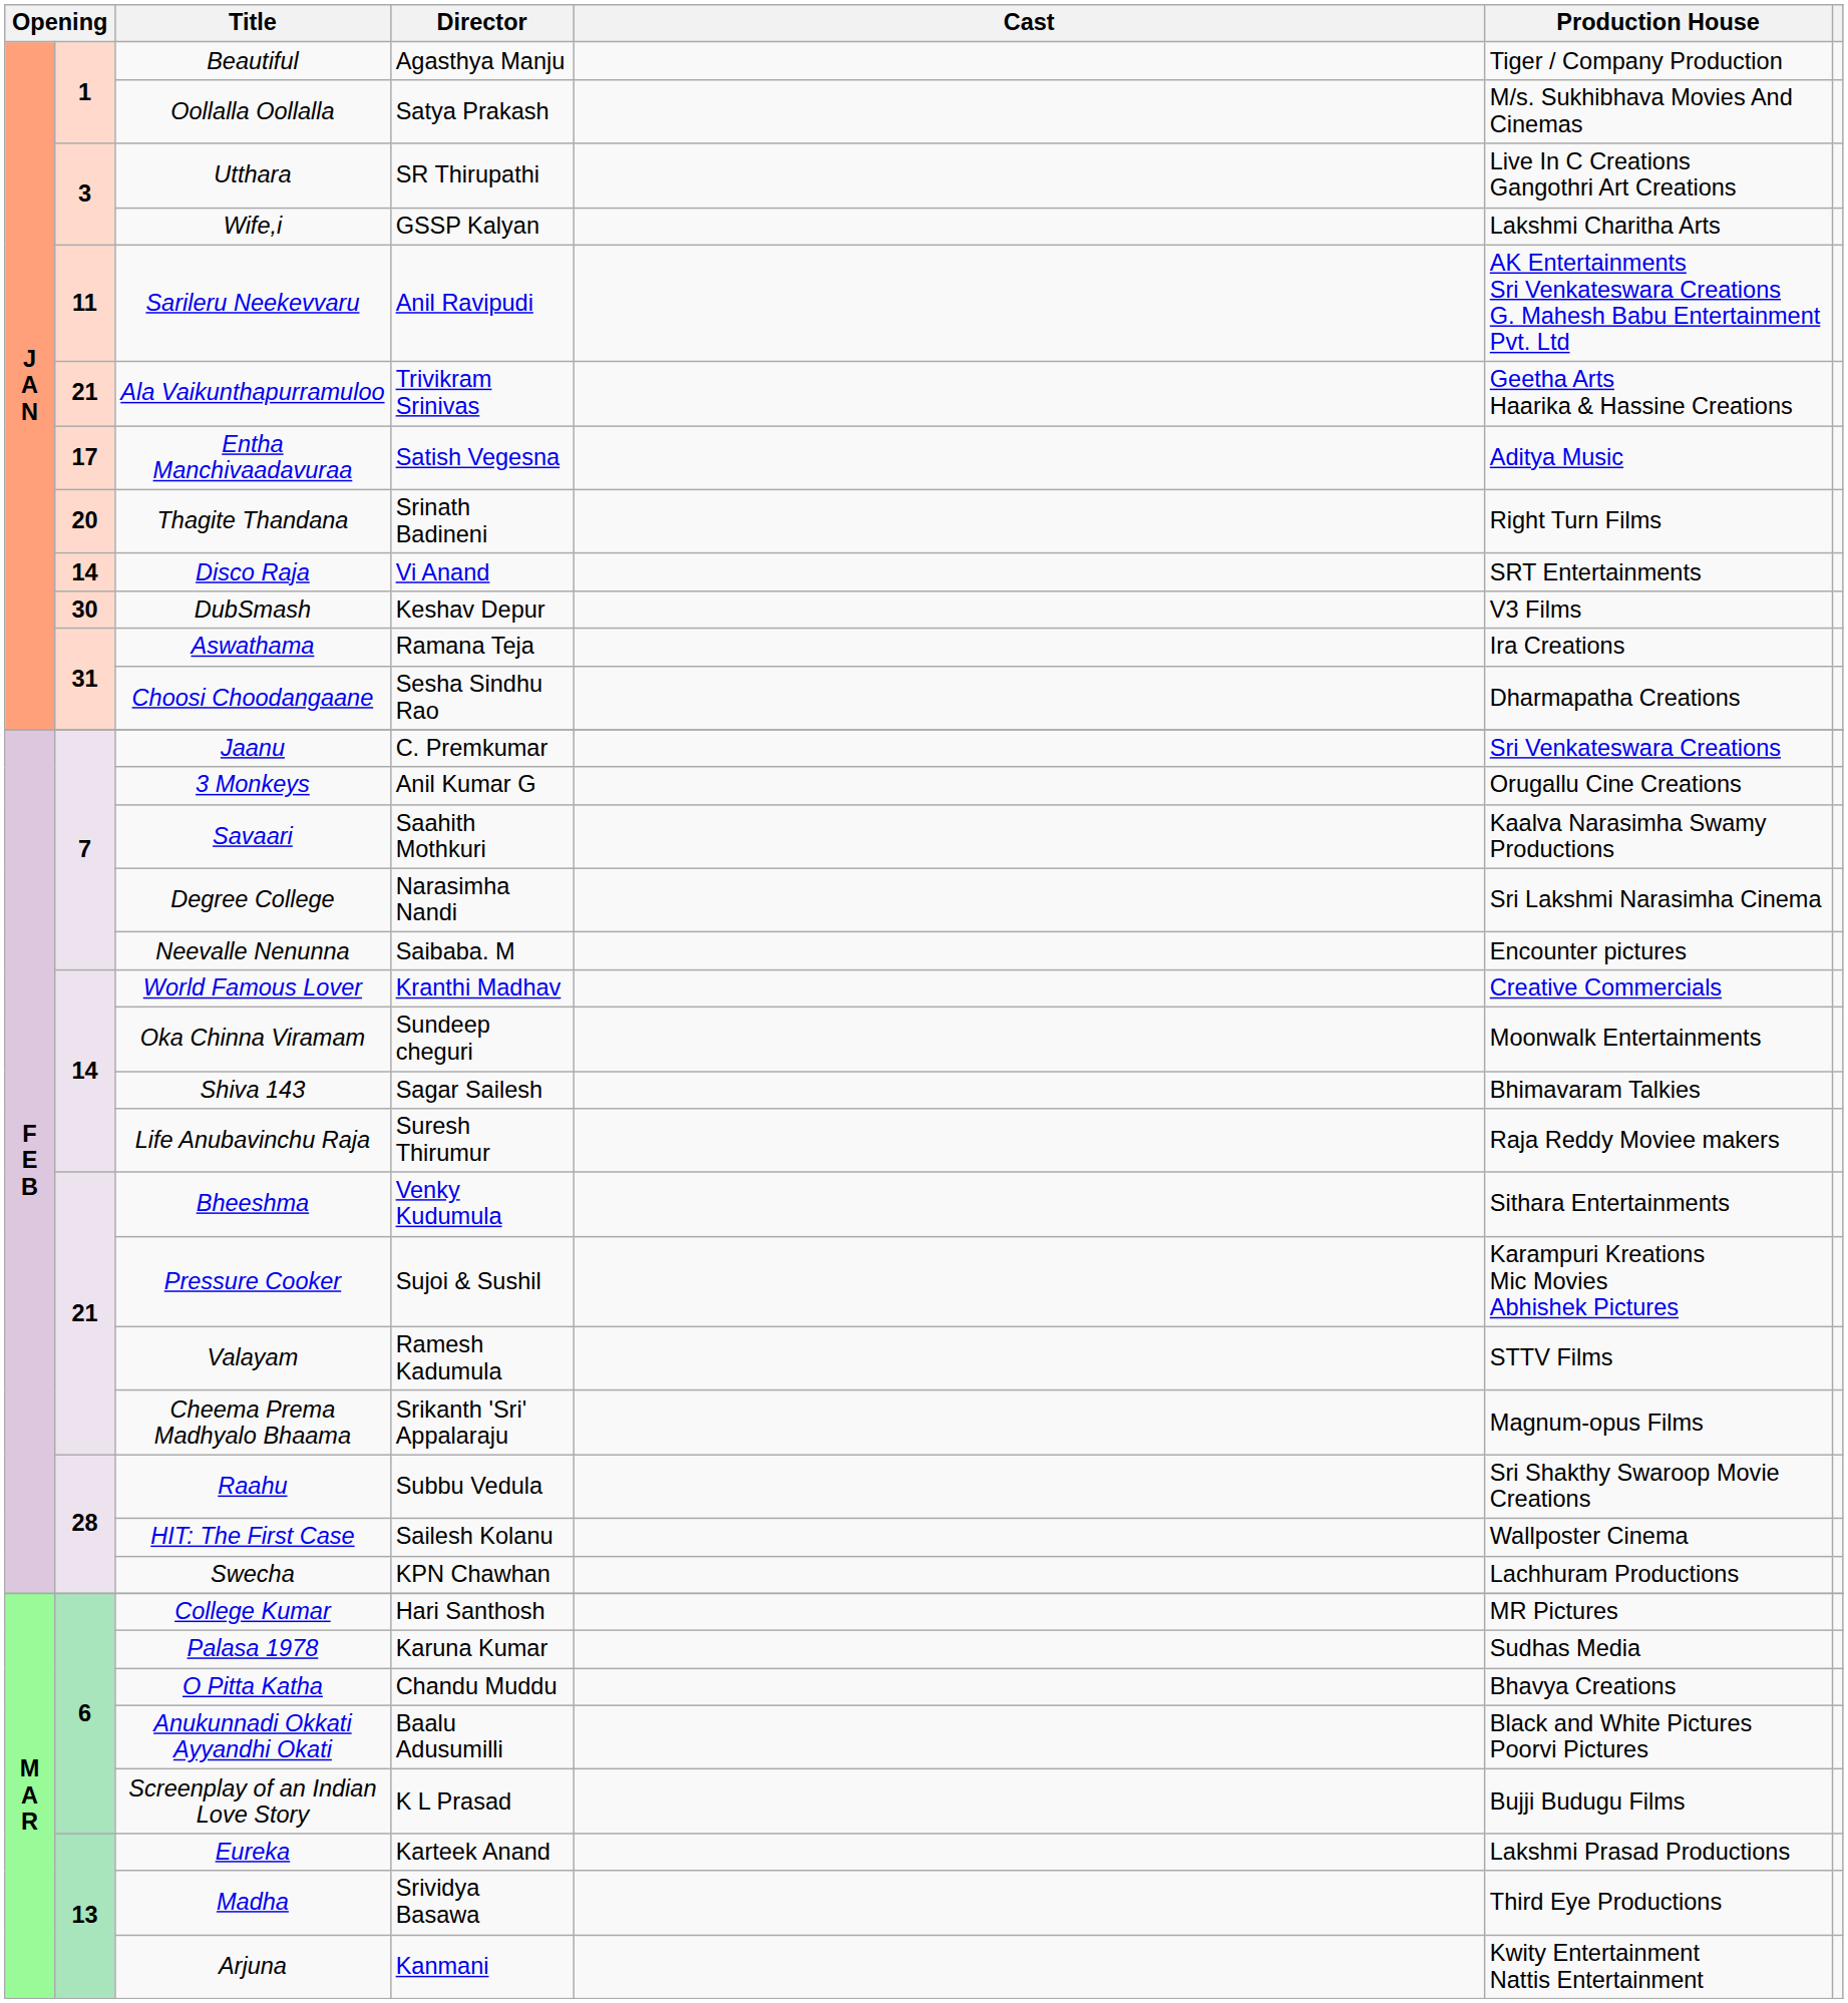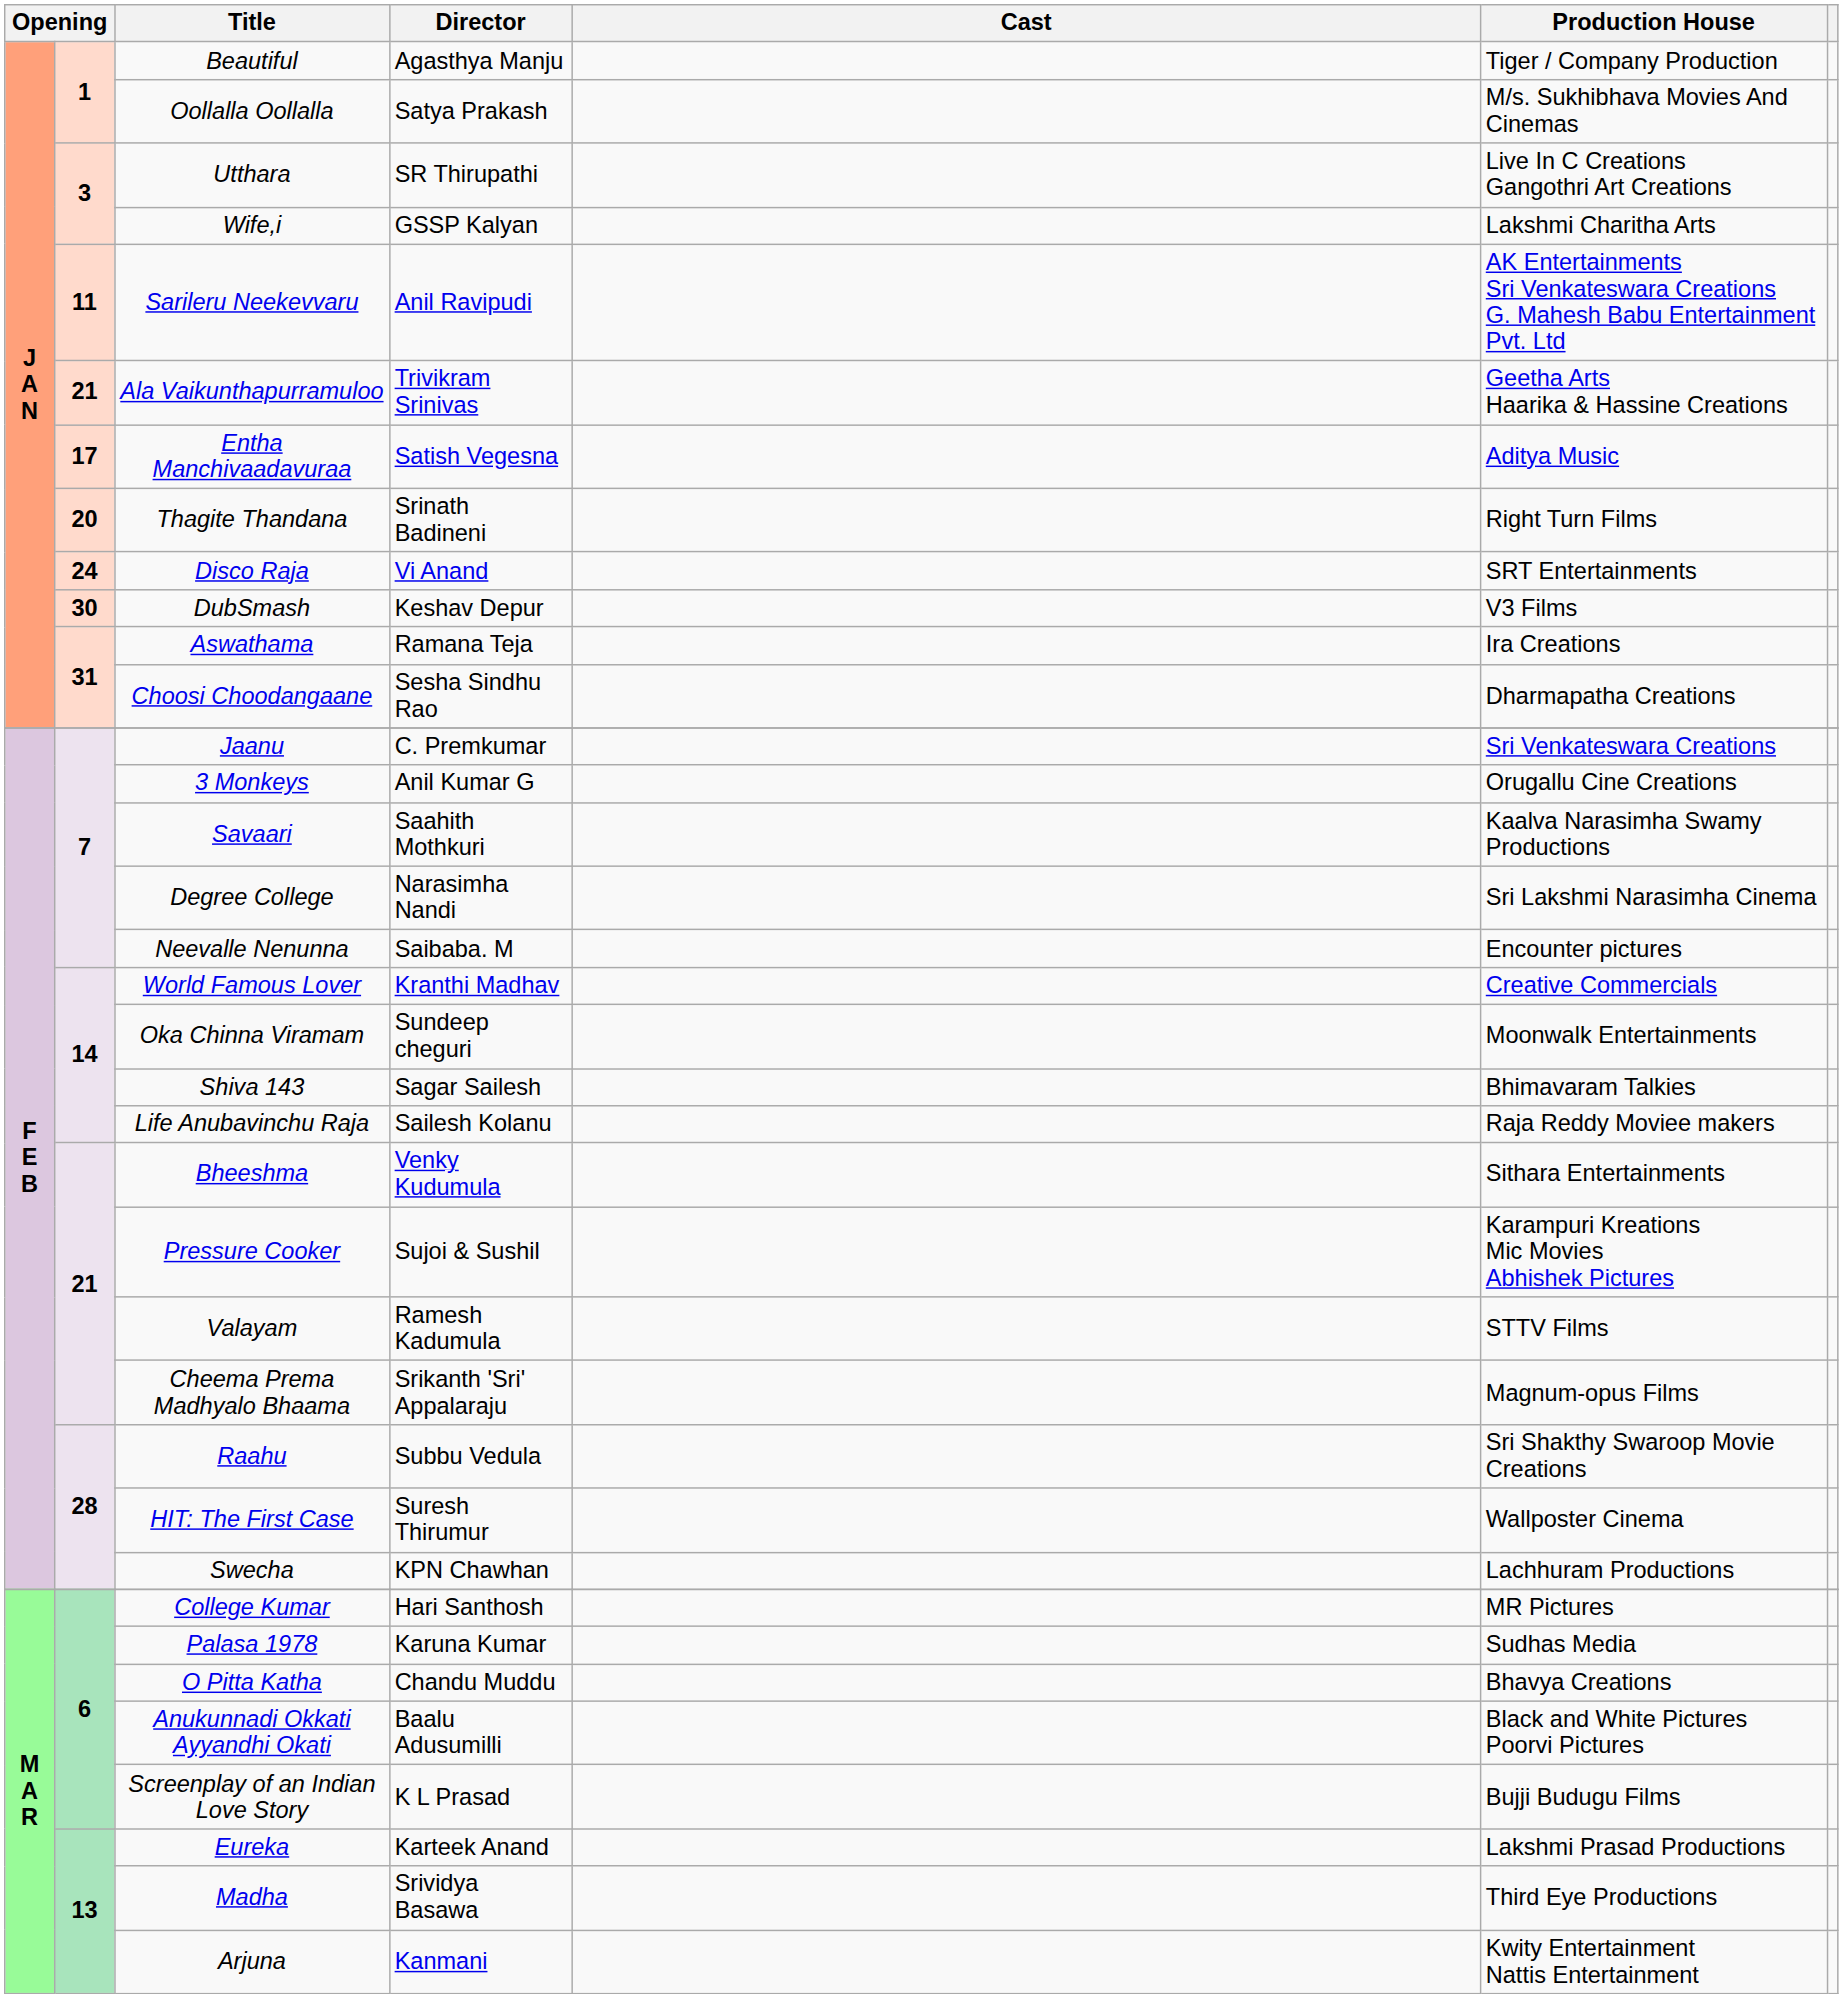 <table class="wikitable sortable">
 <tr style="background:#blue; text-align:center;">
 <th colspan="2" style="width:6%;"><strong>Opening</strong></th>
 <th style="width:15%;"><strong>Title</strong></th>
 <th style="width:10%;"><strong>Director</strong></th>
 <th style="width:50%;"><strong>Cast</strong></th>
 <th style="width:25%;"><strong>Production House</strong></th>
 <th style="width:1%;"></th>
 </tr>
 <tr January!>
 <td rowspan="12" style="text-align:center;background:#ffa07a;textcolor:#000;"><strong>J<br>A<br>N</strong></td>
 <td rowspan="2" style="text-align:center;background:#ffdacc;"><strong>1</strong></td>
 <td style="text-align:center;"><em>Beautiful</em></td>
 <td>Agasthya Manju</td>
 <td></td>
 <td>Tiger / Company Production</td>
 <td></td>
 </tr>
 <tr>
 <td style="text-align:center;"><em>Oollalla Oollalla</em></td>
 <td>Satya Prakash</td>
 <td></td>
 <td>M/s. Sukhibhava Movies And Cinemas</td>
 <td></td>
 </tr>
 <tr>
 <td rowspan="2" style="text-align:center;background:#ffdacc;"><strong>3</strong></td>
 <td style="text-align:center;"><em>Utthara</em></td>
 <td>SR Thirupathi</td>
 <td></td>
 <td>Live In C Creations<br>Gangothri Art Creations</td>
 <td></td>
 </tr>
 <tr>
 <td style="text-align:center;"><em>Wife,i</em></td>
 <td>GSSP Kalyan</td>
 <td></td>
 <td>Lakshmi Charitha Arts</td>
 <td></td>
 </tr>
 <tr>
 <td style="text-align:center;background:#ffdacc;"><strong>11</strong></td>
 <td style="text-align:center;"><em><a href='#'>Sarileru Neekevvaru</a></em></td>
 <td><a href='#'>Anil Ravipudi</a></td>
 <td></td>
 <td><a href='#'>AK Entertainments</a> <br><a href='#'>Sri Venkateswara Creations</a><br><a href='#'>G. Mahesh Babu Entertainment Pvt. Ltd</a></td>
 <td></td>
 </tr>
 <tr>
 <td style="text-align:center;background:#ffdacc;"><strong>21</strong></td>
 <td style="text-align:center;"><em><a href='#'>Ala Vaikunthapurramuloo</a></em></td>
 <td><a href='#'>Trivikram Srinivas</a></td>
 <td></td>
 <td><a href='#'>Geetha Arts</a><br>Haarika & Hassine Creations</td>
 <td></td>
 </tr>
 <tr>
 <td style="text-align:center;background:#ffdacc;"><strong>17</strong></td>
 <td style="text-align:center;"><em><a href='#'>Entha Manchivaadavuraa</a></em></td>
 <td><a href='#'>Satish Vegesna</a></td>
 <td></td>
 <td><a href='#'>Aditya Music</a></td>
 <td></td>
 </tr>
 <tr>
 <td style="text-align:center;background:#ffdacc;"><strong>20</strong></td>
 <td style="text-align:center;"><em>Thagite Thandana</em></td>
 <td>Srinath Badineni</td>
 <td></td>
 <td>Right Turn Films</td>
 <td></td>
 </tr>
 <tr>
-<td style="text-align:center;background:#ffdacc;"><strong>14</strong></td>
+<td style="text-align:center;background:#ffdacc;"><strong>24</strong></td>
 <td style="text-align:center;"><em><a href='#'>Disco Raja</a></em></td>
 <td><a href='#'>Vi Anand</a></td>
 <td></td>
 <td>SRT Entertainments</td>
 <td></td>
 </tr>
 <tr>
 <td rowspan="1" style="text-align:center;background:#ffdacc;"><strong>30</strong></td>
 <td style="text-align:center;"><em>DubSmash</em></td>
 <td>Keshav Depur</td>
 <td></td>
 <td>V3 Films</td>
 <td></td>
 </tr>
 <tr>
 <td rowspan="2" style="text-align:center;background:#ffdacc;"><strong>31</strong></td>
 <td style="text-align:center;"><em><a href='#'>Aswathama</a></em></td>
 <td>Ramana Teja</td>
 <td></td>
 <td>Ira Creations</td>
 <td></td>
 </tr>
 <tr>
 <td style="text-align:center;"><em><a href='#'>Choosi Choodangaane</a></em></td>
 <td>Sesha Sindhu Rao</td>
 <td></td>
 <td>Dharmapatha Creations</td>
 <td></td>
 </tr>
 <tr>
 </tr>
 <tr February!>
 <td rowspan="16" style="text-align:center; background:#dcc7df; textcolor:#000;"><strong>F<br>E<br>B</strong></td>
 <td rowspan="5" style="text-align:center; background:#ede3ef;"><strong>7</strong></td>
 <td style="text-align:center;"><em><a href='#'>Jaanu</a></em></td>
 <td>C. Premkumar</td>
 <td></td>
 <td><a href='#'>Sri Venkateswara Creations</a></td>
 <td></td>
 </tr>
 <tr>
 <td style="text-align:center;"><em><a href='#'>3 Monkeys</a></em></td>
 <td>Anil Kumar G</td>
 <td></td>
 <td>Orugallu Cine Creations</td>
 <td></td>
 </tr>
 <tr>
 <td style="text-align:center;"><em><a href='#'>Savaari</a></em></td>
 <td>Saahith Mothkuri</td>
 <td></td>
 <td>Kaalva Narasimha Swamy Productions</td>
 <td></td>
 </tr>
 <tr>
 <td style="text-align:center;"><em>Degree College</em></td>
 <td>Narasimha Nandi</td>
 <td></td>
 <td>Sri Lakshmi Narasimha Cinema</td>
 <td></td>
 </tr>
 <tr>
 <td style="text-align:center;"><em>Neevalle Nenunna</em></td>
 <td>Saibaba. M</td>
 <td></td>
 <td>Encounter pictures</td>
 <td></td>
 </tr>
 <tr>
 <td rowspan="4" style="text-align:center; background:#ede3ef;"><strong>14</strong></td>
 <td style="text-align:center;"><em><a href='#'>World Famous Lover</a></em></td>
 <td><a href='#'>Kranthi Madhav</a></td>
 <td></td>
 <td><a href='#'>Creative Commercials</a></td>
 <td></td>
 </tr>
 <tr>
 <td style="text-align:center;"><em>Oka Chinna Viramam</em></td>
 <td>Sundeep cheguri</td>
 <td></td>
 <td>Moonwalk Entertainments</td>
 <td></td>
 </tr>
 <tr>
 <td style="text-align:center;"><em>Shiva 143</em></td>
 <td>Sagar Sailesh</td>
 <td></td>
 <td>Bhimavaram Talkies</td>
 <td></td>
 </tr>
 <tr>
 <td style="text-align:center;"><em>Life Anubavinchu Raja</em></td>
-<td>Suresh Thirumur</td>
+<td>Sailesh Kolanu</td>
 <td></td>
 <td>Raja Reddy Moviee makers</td>
 <td></td>
 </tr>
 <tr>
 <td rowspan="4" style="text-align:center; background:#ede3ef;"><strong>21</strong></td>
 <td style="text-align:center;"><em><a href='#'>Bheeshma</a></em></td>
 <td><a href='#'>Venky Kudumula</a></td>
 <td></td>
 <td>Sithara Entertainments</td>
 <td></td>
 </tr>
 <tr>
 <td style="text-align:center;"><em><a href='#'>Pressure Cooker</a></em></td>
 <td>Sujoi & Sushil</td>
 <td></td>
 <td>Karampuri Kreations<br>Mic Movies<br><a href='#'>Abhishek Pictures</a></td>
 <td></td>
 </tr>
 <tr>
 <td style="text-align:center;"><em>Valayam</em></td>
 <td>Ramesh Kadumula</td>
 <td></td>
 <td>STTV Films</td>
 <td></td>
 </tr>
 <tr>
 <td style="text-align:center;"><em>Cheema Prema Madhyalo Bhaama</em></td>
 <td>Srikanth 'Sri' Appalaraju</td>
 <td></td>
 <td>Magnum-opus Films</td>
 <td></td>
 </tr>
 <tr>
 <td rowspan="3" style="text-align:center; background:#ede3ef;"><strong>28</strong></td>
 <td style="text-align:center;"><em><a href='#'>Raahu</a></em></td>
 <td>Subbu Vedula</td>
 <td></td>
 <td>Sri Shakthy Swaroop Movie Creations</td>
 <td></td>
 </tr>
 <tr>
 <td style="text-align:center;"><em><a href='#'>HIT: The First Case</a></em></td>
-<td>Sailesh Kolanu</td>
+<td>Suresh Thirumur</td>
 <td></td>
 <td>Wallposter Cinema</td>
 <td></td>
 </tr>
 <tr>
 <td style="text-align:center;"><em>Swecha</em></td>
 <td>KPN Chawhan</td>
 <td></td>
 <td>Lachhuram Productions</td>
 <td></td>
 </tr>
 <tr>
 </tr>
 <tr March!>
 <td rowspan="8" style="text-align:center; background:#98fb98; textcolor:#000;"><strong>M<br>A<br>R</strong></td>
 <td rowspan="5" style="text-align:center; background:#a8e4bc;"><strong>6</strong></td>
 <td style="text-align:center;"><em><a href='#'>College Kumar</a></em></td>
 <td>Hari Santhosh</td>
 <td></td>
 <td>MR Pictures</td>
 <td></td>
 </tr>
 <tr>
 <td style="text-align:center;"><em><a href='#'>Palasa 1978</a></em></td>
 <td>Karuna Kumar</td>
 <td></td>
 <td>Sudhas Media</td>
 <td></td>
 </tr>
 <tr>
 <td style="text-align:center;"><em><a href='#'>O Pitta Katha</a></em></td>
 <td>Chandu Muddu</td>
 <td></td>
 <td>Bhavya Creations</td>
 <td></td>
 </tr>
 <tr>
 <td style="text-align:center;"><em><a href='#'>Anukunnadi Okkati Ayyandhi Okati</a></em></td>
 <td>Baalu Adusumilli</td>
 <td></td>
 <td>Black and White Pictures<br>Poorvi Pictures</td>
 <td></td>
 </tr>
 <tr>
 <td style="text-align:center;"><em>Screenplay of an Indian Love Story</em></td>
 <td>K L Prasad</td>
 <td></td>
 <td>Bujji Budugu Films</td>
 <td></td>
 </tr>
 <tr>
 <td rowspan="3" style="text-align:center; background:#a8e4bc;"><strong>13</strong></td>
 <td style="text-align:center;"><em><a href='#'>Eureka</a></em></td>
 <td>Karteek Anand</td>
 <td></td>
 <td>Lakshmi Prasad Productions</td>
 <td></td>
 </tr>
 <tr>
 <td style="text-align:center;"><em><a href='#'>Madha</a></em></td>
 <td>Srividya Basawa</td>
 <td></td>
 <td>Third Eye Productions</td>
 <td></td>
 </tr>
 <tr>
 <td style="text-align:center;"><em> Arjuna</em></td>
 <td><a href='#'>Kanmani</a></td>
 <td></td>
 <td>Kwity Entertainment<br>Nattis Entertainment</td>
 <td></td>
 </tr>
 </table>
